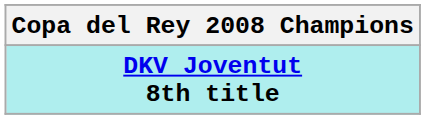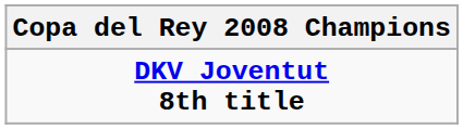 <table class=wikitable style="text-align:center; margin:auto">
 <tr>
 <th>Copa del Rey 2008 Champions</th>
 </tr>
 <tr>
-<td style="background: paleturquoise;"><strong><a href='#'>DKV Joventut</a></strong> <br> <strong>8th title</strong></td>
+<td><strong><a href='#'>DKV Joventut</a></strong> <br> <strong>8th title</strong></td>
 </tr>
 </table>
